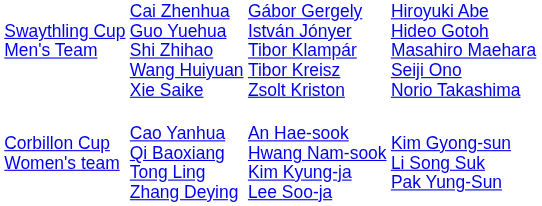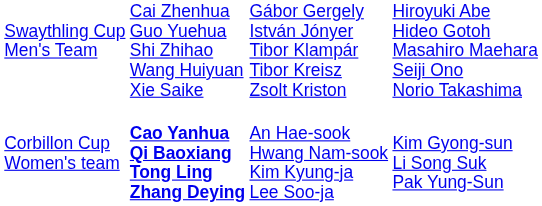 <table>
 <tr>
 <td><a href='#'>Swaythling Cup<br>Men's Team</a></td>
 <td><br><a href='#'>Cai Zhenhua</a><br><a href='#'>Guo Yuehua</a><br><a href='#'>Shi Zhihao</a><br><a href='#'>Wang Huiyuan</a><br><a href='#'>Xie Saike</a></td>
 <td><br><a href='#'>Gábor Gergely</a><br><a href='#'>István Jónyer</a><br><a href='#'>Tibor Klampár</a><br><a href='#'>Tibor Kreisz</a><br><a href='#'>Zsolt Kriston</a></td>
 <td><br><a href='#'>Hiroyuki Abe</a><br><a href='#'>Hideo Gotoh</a><br><a href='#'>Masahiro Maehara</a><br><a href='#'>Seiji Ono</a><br><a href='#'>Norio Takashima</a></td>
 </tr>
 <tr>
 <td><a href='#'>Corbillon Cup<br>Women's team</a></td>
-<td><br><a href='#'>Cao Yanhua</a><br><a href='#'>Qi Baoxiang</a><br><a href='#'>Tong Ling</a><br><a href='#'>Zhang Deying</a></td>
+<td><strong><br><a href='#'>Cao Yanhua</a><br><a href='#'>Qi Baoxiang</a><br><a href='#'>Tong Ling</a><br><a href='#'>Zhang Deying</a></strong></td>
 <td><br><a href='#'>An Hae-sook</a><br><a href='#'>Hwang Nam-sook</a><br><a href='#'>Kim Kyung-ja</a><br><a href='#'>Lee Soo-ja</a></td>
 <td><br><a href='#'>Kim Gyong-sun</a><br><a href='#'>Li Song Suk</a><br><a href='#'>Pak Yung-Sun</a></td>
 </tr>
 </table>
